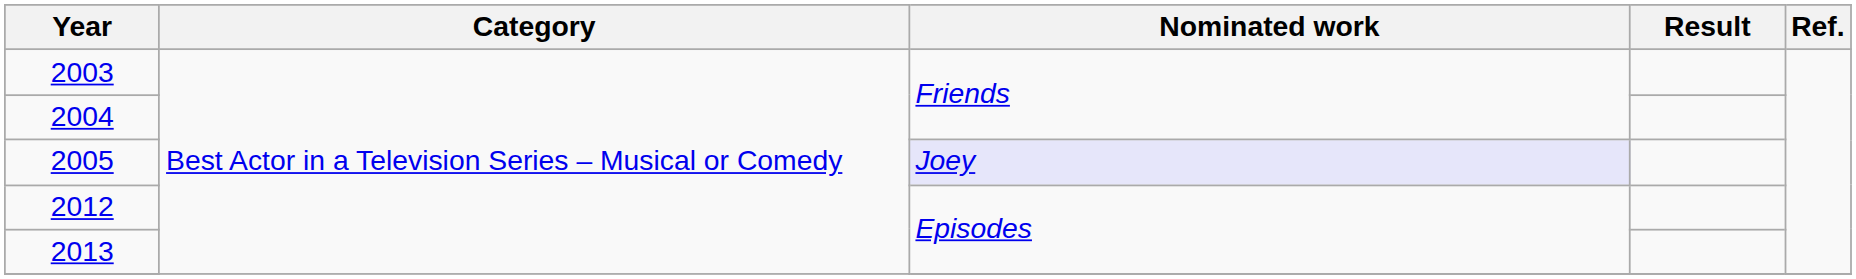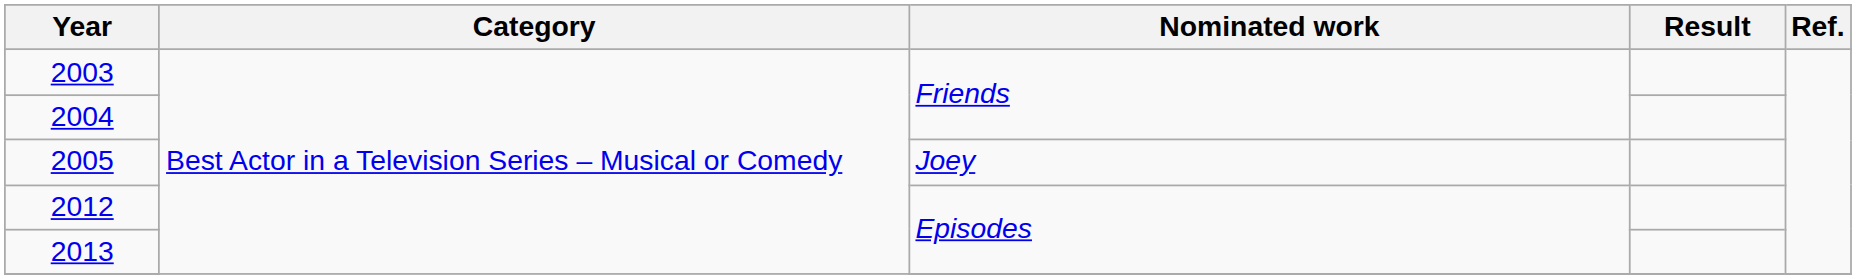 <table class=wikitable>
 <tr>
 <th scope="col" style="width:5em;">Year</th>
 <th scope="col" style="width:26em;">Category</th>
 <th scope="col" style="width:25em;">Nominated work</th>
 <th scope="col" style="width:5em;">Result</th>
 <th>Ref.</th>
 </tr>
 <tr>
 <td style="text-align:center;"><a href='#'>2003</a></td>
 <td rowspan=7><a href='#'>Best Actor in a Television Series – Musical or Comedy</a></td>
 <td rowspan=2><em><a href='#'>Friends</a></em></td>
 <td></td>
 <td rowspan=5></td>
 </tr>
 <tr>
 <td style="text-align:center;"><a href='#'>2004</a></td>
 <td></td>
 </tr>
 <tr>
 <td style="text-align:center;"><a href='#'>2005</a></td>
-<td style="background: lavender;"><em><a href='#'>Joey</a></em></td>
+<td><em><a href='#'>Joey</a></em></td>
 <td></td>
 </tr>
 <tr>
 <td style="text-align:center;"><a href='#'>2012</a></td>
 <td rowspan=2><em><a href='#'>Episodes</a></em></td>
 <td></td>
 </tr>
 <tr>
 <td style="text-align:center;"><a href='#'>2013</a></td>
 <td></td>
 </tr>
 <tr>
 </tr>
 </table>
